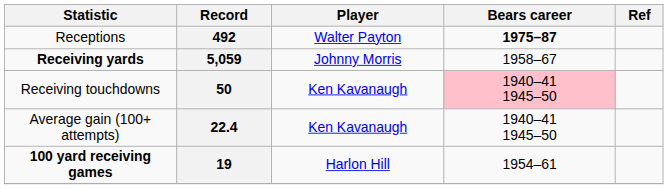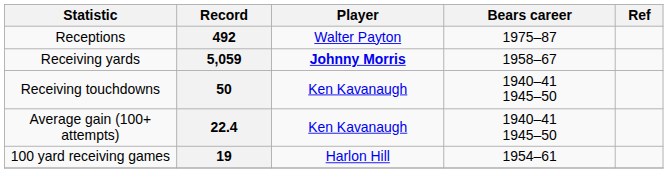 <table class="sortable wikitable" style="text-align:center" width="60%">
 <tr>
 <th scope="col" width=18%>Statistic</th>
 <th scope="col" width=10% class="unsortable">Record</th>
 <th scope="col" width=18%>Player</th>
 <th scope="col" width=18%>Bears career</th>
 <th scope="col" width=5% class="unsortable">Ref</th>
 </tr>
 <tr>
 <td>Receptions</td>
 <th>492</th>
 <td><a href='#'>Walter Payton</a></td>
-<td><strong>1975–87</strong></td>
+<td>1975–87</td>
 <td></td>
 </tr>
 <tr>
-<td><strong>Receiving yards</strong></td>
+<td>Receiving yards</td>
 <th>5,059</th>
-<td><a href='#'>Johnny Morris</a></td>
+<td><strong><a href='#'>Johnny Morris</a></strong></td>
 <td>1958–67</td>
 <td></td>
 </tr>
 <tr>
 <td>Receiving touchdowns</td>
 <th>50</th>
 <td><a href='#'>Ken Kavanaugh</a></td>
-<td style="background: pink;">1940–41<br>1945–50</td>
+<td>1940–41<br>1945–50</td>
 <td></td>
 </tr>
 <tr>
 <td>Average gain (100+ attempts)</td>
 <th>22.4</th>
 <td><a href='#'>Ken Kavanaugh</a></td>
 <td>1940–41<br>1945–50</td>
 <td></td>
 </tr>
 <tr>
-<td><strong>100 yard receiving games</strong></td>
+<td>100 yard receiving games</td>
 <th>19</th>
 <td><a href='#'>Harlon Hill</a></td>
 <td>1954–61</td>
 <td></td>
 </tr>
 <tr>
 </tr>
 </table>
